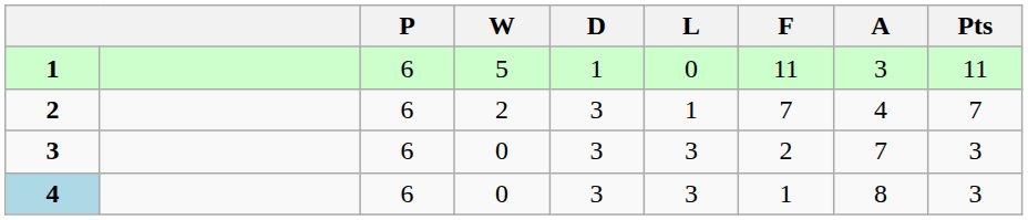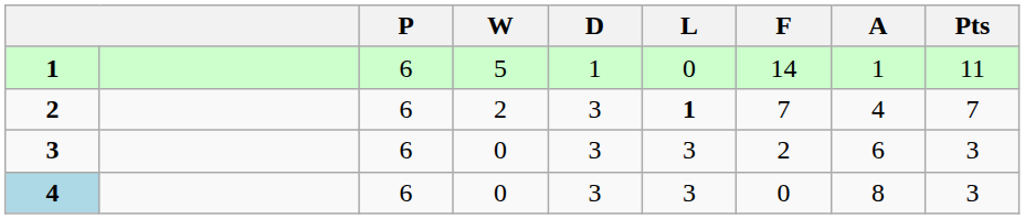 <table class="wikitable">
 <tr>
 <th colspan="2"></th>
 <th rowspan="1">P</th>
 <th rowspan="1">W</th>
 <th colspan="1">D</th>
 <th colspan="1">L</th>
 <th colspan="1">F</th>
 <th colspan="1">A</th>
 <th colspan="1">Pts</th>
 </tr>
 <tr style="background:#ccffcc;">
 <td align=center width="50"><strong>1</strong></td>
 <td width="150"><strong></strong></td>
 <td align=center width="50">6</td>
 <td align=center width="50">5</td>
 <td align=center width="50">1</td>
 <td align=center width="50">0</td>
-<td align=center width="50">11</td>
-<td align=center width="50">3</td>
+<td align=center width="50">14</td>
+<td align=center width="50">1</td>
 <td align=center width="50">11</td>
 </tr>
 <tr>
 <td align=center><strong>2</strong></td>
 <td></td>
 <td align=center>6</td>
 <td align=center>2</td>
 <td align=center>3</td>
-<td align=center>1</td>
+<td align=center><strong>1</strong></td>
 <td align=center>7</td>
 <td align=center>4</td>
 <td align=center>7</td>
 </tr>
 <tr>
 <td align=center><strong>3</strong></td>
 <td></td>
 <td align=center>6</td>
 <td align=center>0</td>
 <td align=center>3</td>
 <td align=center>3</td>
 <td align=center>2</td>
-<td align=center>7</td>
+<td align=center>6</td>
 <td align=center>3</td>
 </tr>
 <tr>
 <td align=center style="background: lightblue;"><strong>4</strong></td>
 <td></td>
 <td align=center>6</td>
 <td align=center>0</td>
 <td align=center>3</td>
 <td align=center>3</td>
-<td align=center>1</td>
+<td align=center>0</td>
 <td align=center>8</td>
 <td align=center>3</td>
 </tr>
 </table>
